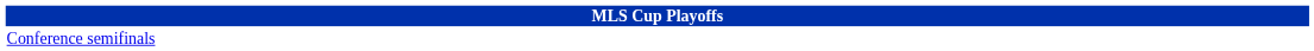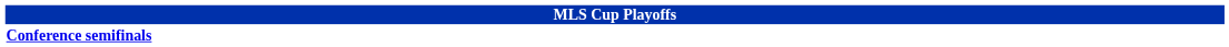 <table class="toccolours collapsible collapsed" style="width:100%;">
 <tr>
 <th colspan="11" style="background:#0031ab; color:#fff;">MLS Cup Playoffs</th>
 </tr>
 <tr>
-<td><a href='#'>Conference semifinals</a><br></td>
+<td><strong><a href='#'>Conference semifinals</a><br></strong></td>
 </tr>
 </table>
